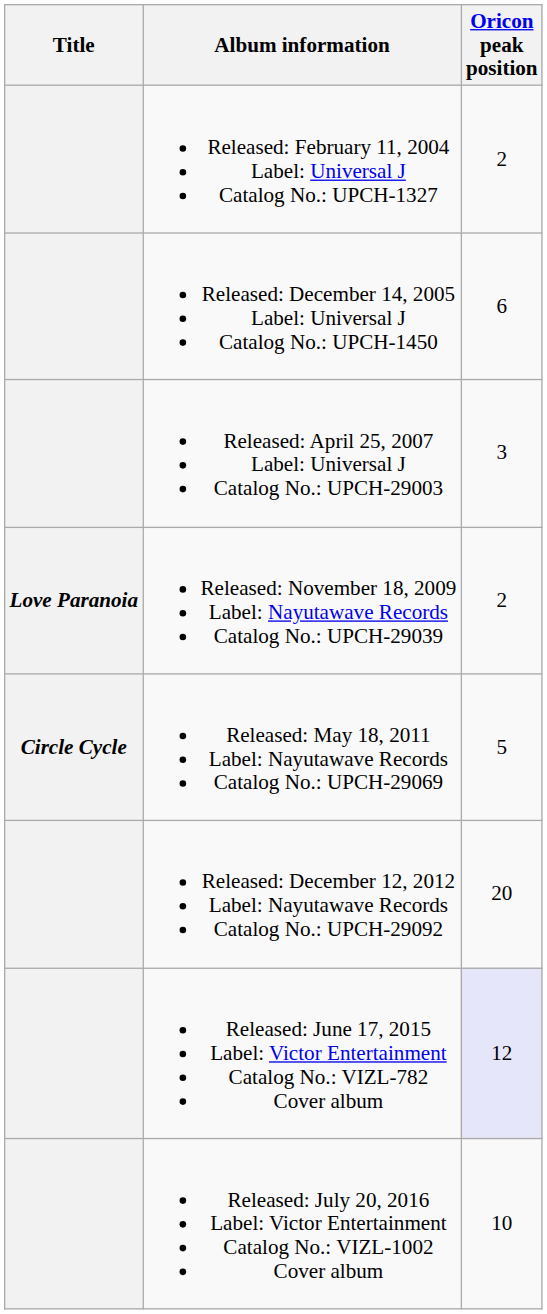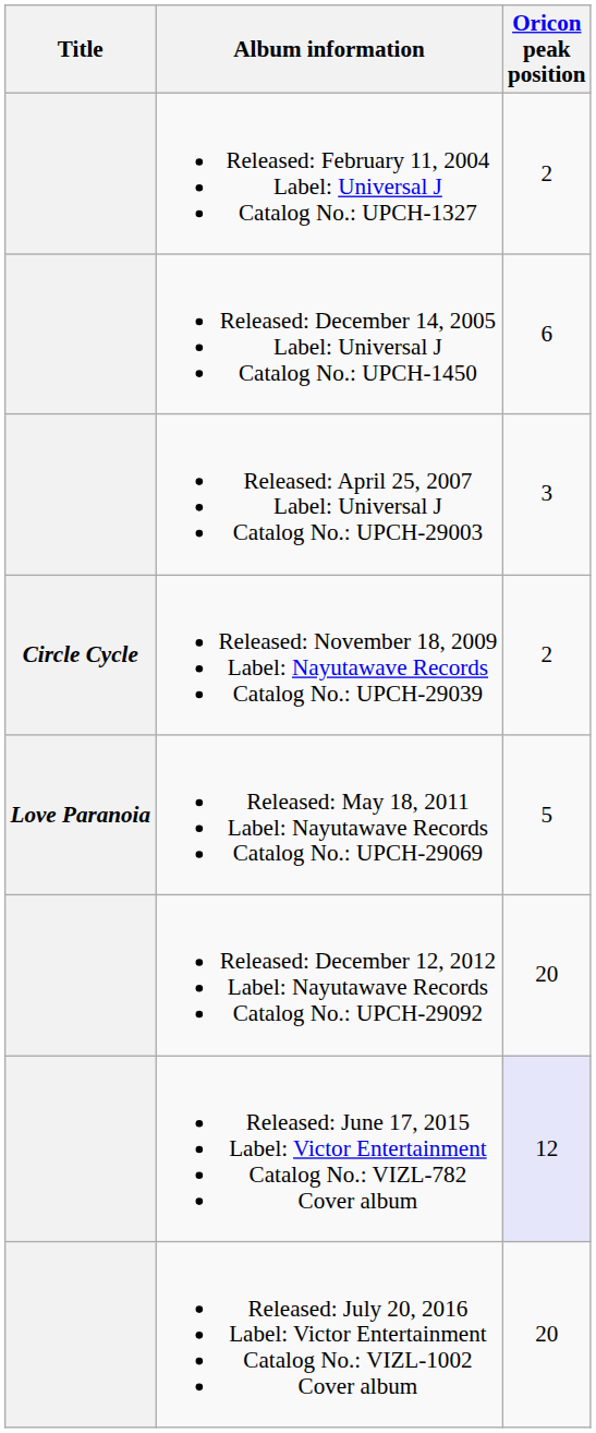 <table class="wikitable plainrowheaders" style="text-align:center">
 <tr>
 <th>Title</th>
 <th>Album information</th>
 <th><a href='#'>Oricon</a><br>peak<br>position</th>
 </tr>
 <tr>
 <th scope="row"></th>
 <td><br><ul><li>Released: February 11, 2004</li><li>Label: <a href='#'>Universal J</a></li><li>Catalog No.: UPCH-1327</li></ul></td>
 <td>2</td>
 </tr>
 <tr>
 <th scope="row"></th>
 <td><br><ul><li>Released: December 14, 2005</li><li>Label: Universal J</li><li>Catalog No.: UPCH-1450</li></ul></td>
 <td>6</td>
 </tr>
 <tr>
 <th scope="row"></th>
 <td><br><ul><li>Released: April 25, 2007</li><li>Label: Universal J</li><li>Catalog No.: UPCH-29003</li></ul></td>
 <td>3</td>
 </tr>
 <tr>
-<th scope="row"><em>Love Paranoia</em></th>
+<th scope="row"><em>Circle Cycle</em></th>
 <td><br><ul><li>Released: November 18, 2009</li><li>Label: <a href='#'>Nayutawave Records</a></li><li>Catalog No.: UPCH-29039</li></ul></td>
 <td>2</td>
 </tr>
 <tr>
-<th scope="row"><em>Circle Cycle</em></th>
+<th scope="row"><em>Love Paranoia</em></th>
 <td><br><ul><li>Released: May 18, 2011</li><li>Label: Nayutawave Records</li><li>Catalog No.: UPCH-29069</li></ul></td>
 <td>5</td>
 </tr>
 <tr>
 <th scope="row"></th>
 <td><br><ul><li>Released: December 12, 2012</li><li>Label: Nayutawave Records</li><li>Catalog No.: UPCH-29092</li></ul></td>
 <td>20</td>
 </tr>
 <tr>
 <th scope="row"></th>
 <td><br><ul><li>Released: June 17, 2015</li><li>Label: <a href='#'>Victor Entertainment</a></li><li>Catalog No.: VIZL-782</li><li>Cover album</li></ul></td>
 <td style="background: lavender;">12</td>
 </tr>
 <tr>
 <th scope="row"></th>
 <td><br><ul><li>Released: July 20, 2016</li><li>Label: Victor Entertainment</li><li>Catalog No.: VIZL-1002</li><li>Cover album</li></ul></td>
-<td>10</td>
+<td>20</td>
 </tr>
 </table>
